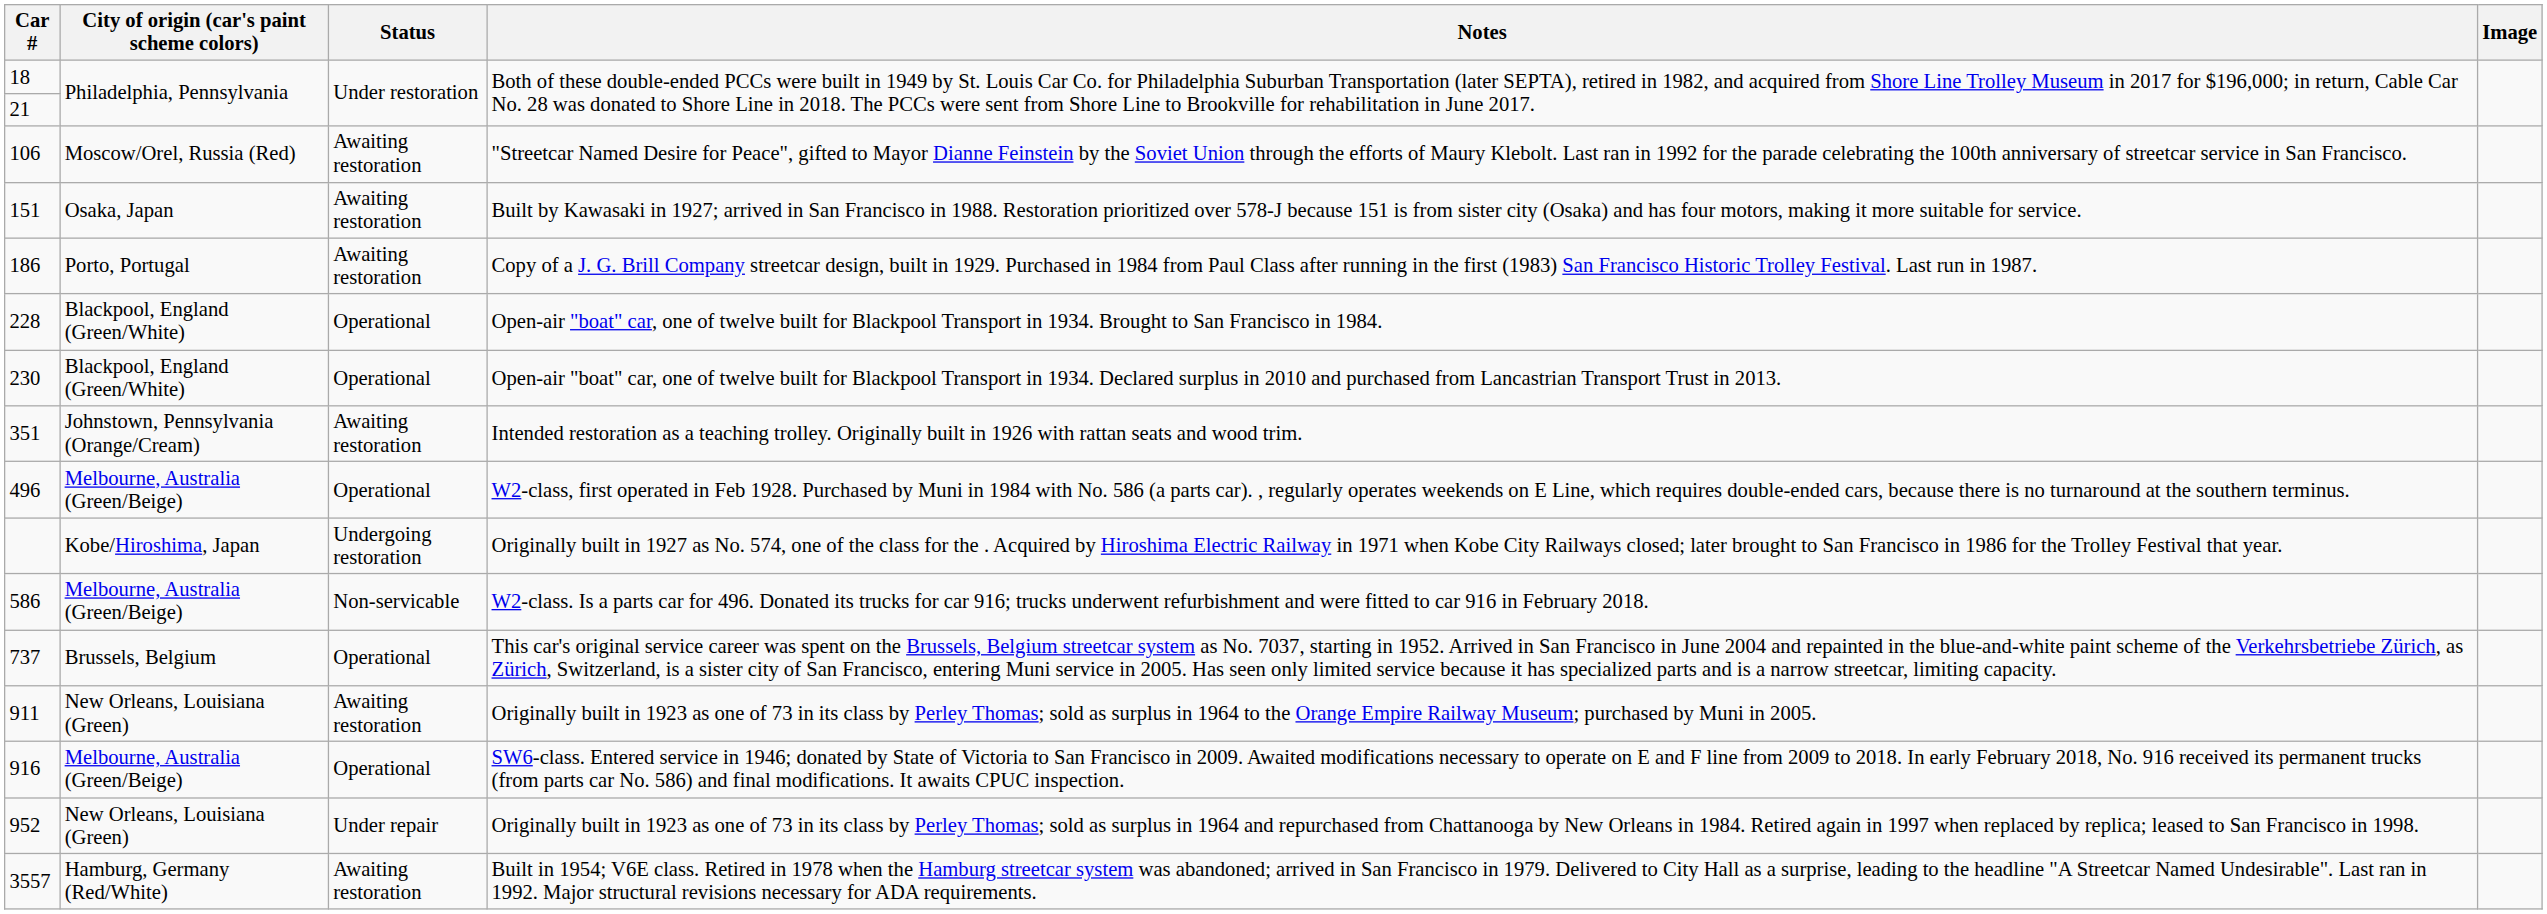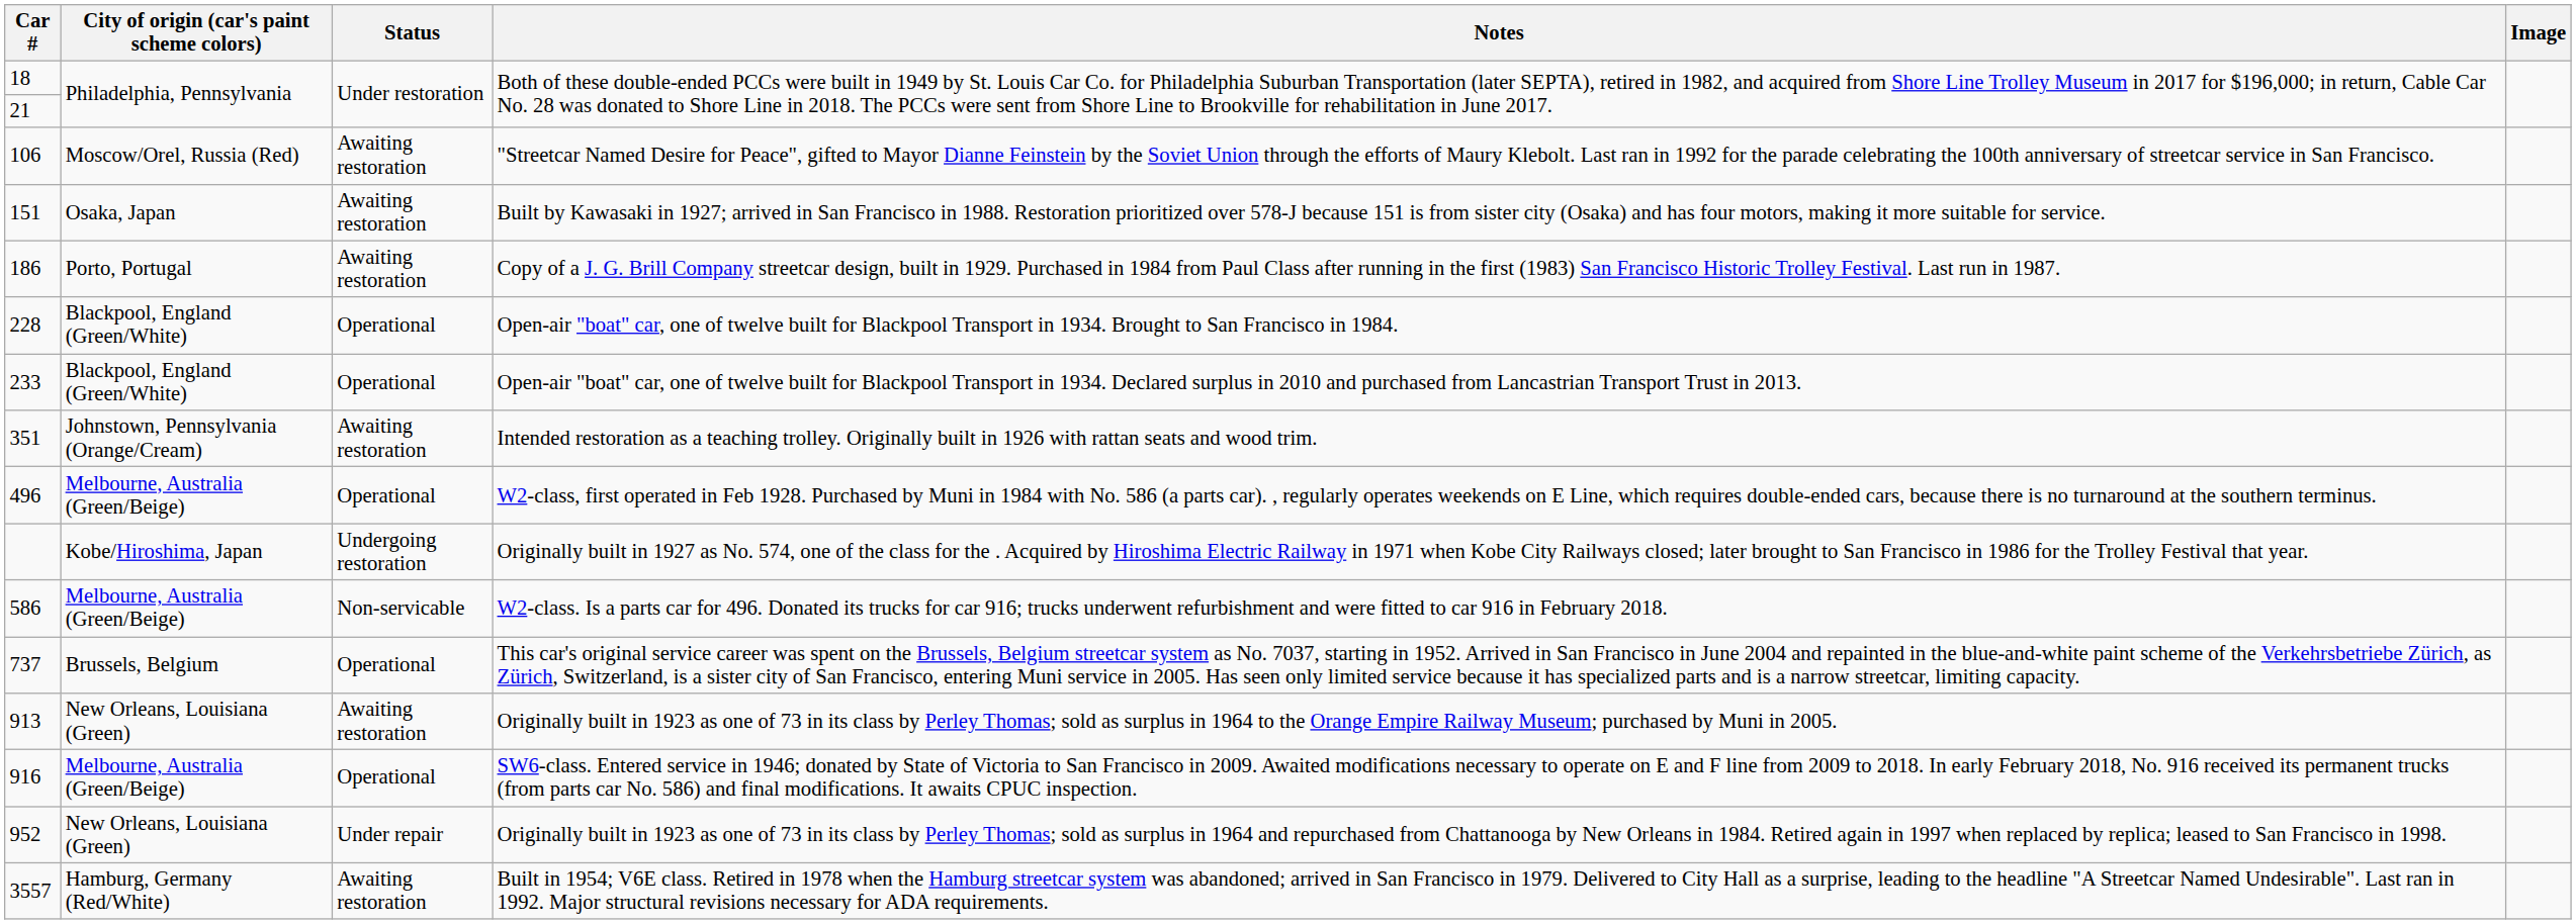 <table class="wikitable sticky-header">
 <tr>
 <th>Car #</th>
 <th>City of origin (car's paint scheme colors)</th>
 <th>Status</th>
 <th>Notes</th>
 <th>Image</th>
 </tr>
 <tr>
 <td>18</td>
 <td rowspan="2">Philadelphia, Pennsylvania</td>
 <td rowspan="2">Under restoration</td>
 <td rowspan="2">Both of these double-ended PCCs were built in 1949 by St. Louis Car Co. for Philadelphia Suburban Transportation (later SEPTA), retired in 1982, and acquired from <a href='#'>Shore Line Trolley Museum</a> in 2017 for $196,000; in return, Cable Car No. 28 was donated to Shore Line in 2018. The PCCs were sent from Shore Line to Brookville for rehabilitation in June 2017.</td>
 <td rowspan="2"></td>
 </tr>
 <tr>
 <td>21</td>
 </tr>
 <tr>
 <td>106</td>
 <td>Moscow/Orel, Russia (Red)</td>
 <td>Awaiting restoration</td>
 <td>"Streetcar Named Desire for Peace", gifted to Mayor <a href='#'>Dianne Feinstein</a> by the <a href='#'>Soviet Union</a> through the efforts of Maury Klebolt. Last ran in 1992 for the parade celebrating the 100th anniversary of streetcar service in San Francisco.</td>
 <td></td>
 </tr>
 <tr>
 <td>151</td>
 <td>Osaka, Japan</td>
 <td>Awaiting restoration</td>
 <td>Built by Kawasaki in 1927; arrived in San Francisco in 1988. Restoration prioritized over 578-J because 151 is from sister city (Osaka) and has four motors, making it more suitable for service.</td>
 <td></td>
 </tr>
 <tr>
 <td>186</td>
 <td>Porto, Portugal</td>
 <td>Awaiting restoration</td>
 <td>Copy of a <a href='#'>J. G. Brill Company</a> streetcar design, built in 1929. Purchased in 1984 from Paul Class after running in the first (1983) <a href='#'>San Francisco Historic Trolley Festival</a>. Last run in 1987.</td>
 <td></td>
 </tr>
 <tr>
 <td>228</td>
 <td>Blackpool, England (Green/White)</td>
 <td>Operational</td>
 <td>Open-air <a href='#'>"boat" car</a>, one of twelve built for Blackpool Transport in 1934. Brought to San Francisco in 1984.</td>
 <td></td>
 </tr>
 <tr>
-<td>230</td>
+<td>233</td>
 <td>Blackpool, England (Green/White)</td>
 <td>Operational</td>
 <td>Open-air "boat" car, one of twelve built for Blackpool Transport in 1934. Declared surplus in 2010 and purchased from Lancastrian Transport Trust in 2013.</td>
 <td></td>
 </tr>
 <tr>
 <td>351</td>
 <td>Johnstown, Pennsylvania (Orange/Cream)</td>
 <td>Awaiting restoration</td>
 <td>Intended restoration as a teaching trolley. Originally built in 1926 with rattan seats and wood trim.</td>
 <td></td>
 </tr>
 <tr>
 <td>496</td>
 <td><a href='#'>Melbourne, Australia</a> (Green/Beige)</td>
 <td>Operational</td>
 <td><a href='#'>W2</a>-class, first operated in Feb 1928. Purchased by Muni in 1984 with No. 586 (a parts car). , regularly operates weekends on E Line, which requires double-ended cars, because there is no turnaround at the southern terminus.</td>
 <td></td>
 </tr>
 <tr>
 <td></td>
 <td>Kobe/<a href='#'>Hiroshima</a>, Japan</td>
 <td>Undergoing restoration</td>
 <td>Originally built in 1927 as No. 574, one of the  class for the . Acquired by <a href='#'>Hiroshima Electric Railway</a> in 1971 when Kobe City Railways closed; later brought to San Francisco in 1986 for the Trolley Festival that year.</td>
 <td></td>
 </tr>
 <tr>
 <td>586</td>
 <td><a href='#'>Melbourne, Australia</a> (Green/Beige)</td>
 <td>Non-servicable</td>
 <td><a href='#'>W2</a>-class. Is a parts car for 496. Donated its trucks for car 916; trucks underwent refurbishment and were fitted to car 916 in February 2018.</td>
 <td></td>
 </tr>
 <tr>
 <td>737</td>
 <td>Brussels, Belgium</td>
 <td>Operational</td>
 <td>This car's original service career was spent on the <a href='#'>Brussels, Belgium streetcar system</a> as No. 7037, starting in 1952. Arrived in San Francisco in June 2004 and repainted in the blue-and-white paint scheme of the <a href='#'>Verkehrsbetriebe Zürich</a>, as <a href='#'>Zürich</a>, Switzerland, is a sister city of San Francisco, entering Muni service in 2005. Has seen only limited service because it has specialized parts and is a narrow streetcar, limiting capacity.</td>
 <td></td>
 </tr>
 <tr>
-<td>911</td>
+<td>913</td>
 <td>New Orleans, Louisiana (Green)</td>
 <td>Awaiting restoration</td>
 <td>Originally built in 1923 as one of 73 in its class by <a href='#'>Perley Thomas</a>; sold as surplus in 1964 to the <a href='#'>Orange Empire Railway Museum</a>; purchased by Muni in 2005.</td>
 <td></td>
 </tr>
 <tr>
 <td>916</td>
 <td><a href='#'>Melbourne, Australia</a> (Green/Beige)</td>
 <td>Operational</td>
 <td><a href='#'>SW6</a>-class. Entered service in 1946; donated by State of Victoria to San Francisco in 2009. Awaited modifications necessary to operate on E and F line from 2009 to 2018. In early February 2018, No. 916 received its permanent trucks (from parts car No. 586) and final modifications. It awaits CPUC inspection.</td>
 <td></td>
 </tr>
 <tr>
 <td>952</td>
 <td>New Orleans, Louisiana (Green)</td>
 <td>Under repair</td>
 <td>Originally built in 1923 as one of 73 in its class by <a href='#'>Perley Thomas</a>; sold as surplus in 1964 and repurchased from Chattanooga by New Orleans in 1984. Retired again in 1997 when replaced by replica; leased to San Francisco in 1998.</td>
 <td></td>
 </tr>
 <tr>
 <td>3557</td>
 <td>Hamburg, Germany (Red/White)</td>
 <td>Awaiting restoration</td>
 <td>Built in 1954; V6E class. Retired in 1978 when the <a href='#'>Hamburg streetcar system</a> was abandoned; arrived in San Francisco in 1979. Delivered to City Hall as a surprise, leading to the headline "A Streetcar Named Undesirable". Last ran in 1992. Major structural revisions necessary for ADA requirements.</td>
 <td></td>
 </tr>
 </table>
